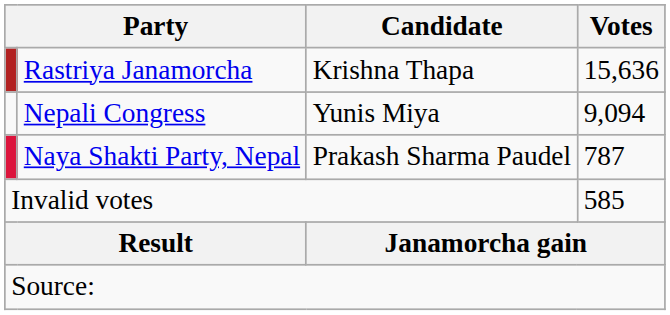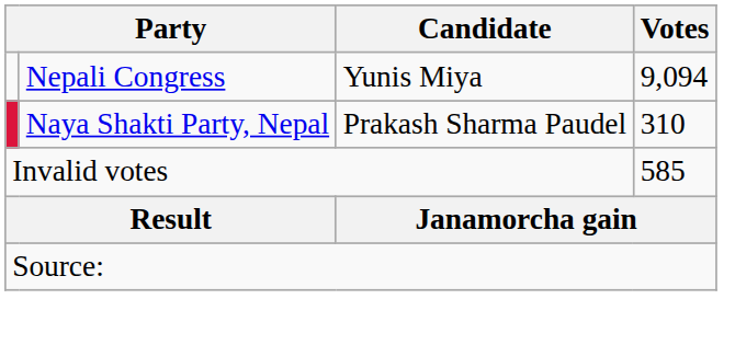 <table class="wikitable">
 <tr>
 <th colspan="2">Party</th>
 <th>Candidate</th>
 <th>Votes</th>
-</tr>
-<tr>
-<td style="background-color:firebrick"></td>
-<td><a href='#'>Rastriya Janamorcha</a></td>
-<td>Krishna Thapa</td>
-<td>15,636</td>
 </tr>
 <tr>
 <td style="background-color:"></td>
 <td><a href='#'>Nepali Congress</a></td>
 <td>Yunis Miya</td>
 <td>9,094</td>
 </tr>
 <tr>
 <td style="background-color:crimson"></td>
 <td><a href='#'>Naya Shakti Party, Nepal</a></td>
 <td>Prakash Sharma Paudel</td>
-<td>787</td>
+<td>310</td>
 </tr>
 <tr>
 <td colspan="3">Invalid votes</td>
 <td>585</td>
 </tr>
 <tr>
 <th colspan="2">Result</th>
 <th colspan="2">Janamorcha gain</th>
 </tr>
 <tr>
 <td colspan="4">Source: </td>
 </tr>
 </table>
